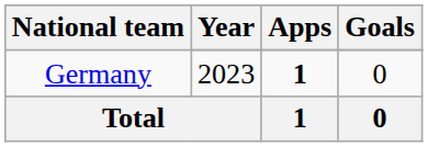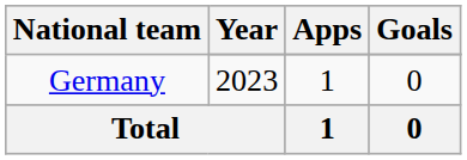 <table class="wikitable" style="text-align:center">
 <tr>
 <th>National team</th>
 <th>Year</th>
 <th>Apps</th>
 <th>Goals</th>
 </tr>
 <tr>
 <td rowspan="2"><a href='#'>Germany</a></td>
 </tr>
 <tr>
 <td>2023</td>
-<td><strong>1</strong></td>
+<td>1</td>
 <td>0</td>
 </tr>
 <tr>
 <th colspan="2">Total</th>
 <th>1</th>
 <th>0</th>
 </tr>
 </table>
